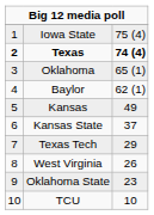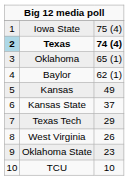 <table class="wikitable" style="display: inline-table;">
 <tr>
 <td align="center" Colspan="3"><strong>Big 12 media poll</strong></td>
 </tr>
 <tr align="center">
 </tr>
 <tr align="center" style="background:#eeeeee;">
 <td>1</td>
 <td>Iowa State</td>
 <td>75 (4)</td>
 </tr>
 <tr align="center">
-<td><strong>2</strong></td>
+<td style="background: lightblue;"><strong>2</strong></td>
 <td><strong>Texas</strong></td>
 <td><strong>74 (4)</strong></td>
 </tr>
 <tr align="center" style="background:#eeeeee;">
 <td>3</td>
 <td>Oklahoma</td>
 <td>65 (1)</td>
 </tr>
 <tr align="center">
 <td>4</td>
 <td>Baylor</td>
 <td>62 (1)</td>
 </tr>
 <tr align="center" style="background:#eeeeee;">
 <td>5</td>
 <td>Kansas</td>
 <td>49</td>
 </tr>
 <tr align="center">
 <td>6</td>
 <td>Kansas State</td>
 <td>37</td>
 </tr>
 <tr align="center" style="background:#eeeeee;">
 <td>7</td>
 <td>Texas Tech</td>
 <td>29</td>
 </tr>
 <tr align="center">
 <td>8</td>
 <td>West Virginia</td>
 <td>26</td>
 </tr>
 <tr align="center" style="background:#eeeeee;">
 <td>9</td>
 <td>Oklahoma State</td>
 <td>23</td>
 </tr>
 <tr align="center">
 <td>10</td>
 <td>TCU</td>
 <td>10</td>
 </tr>
 </table>
